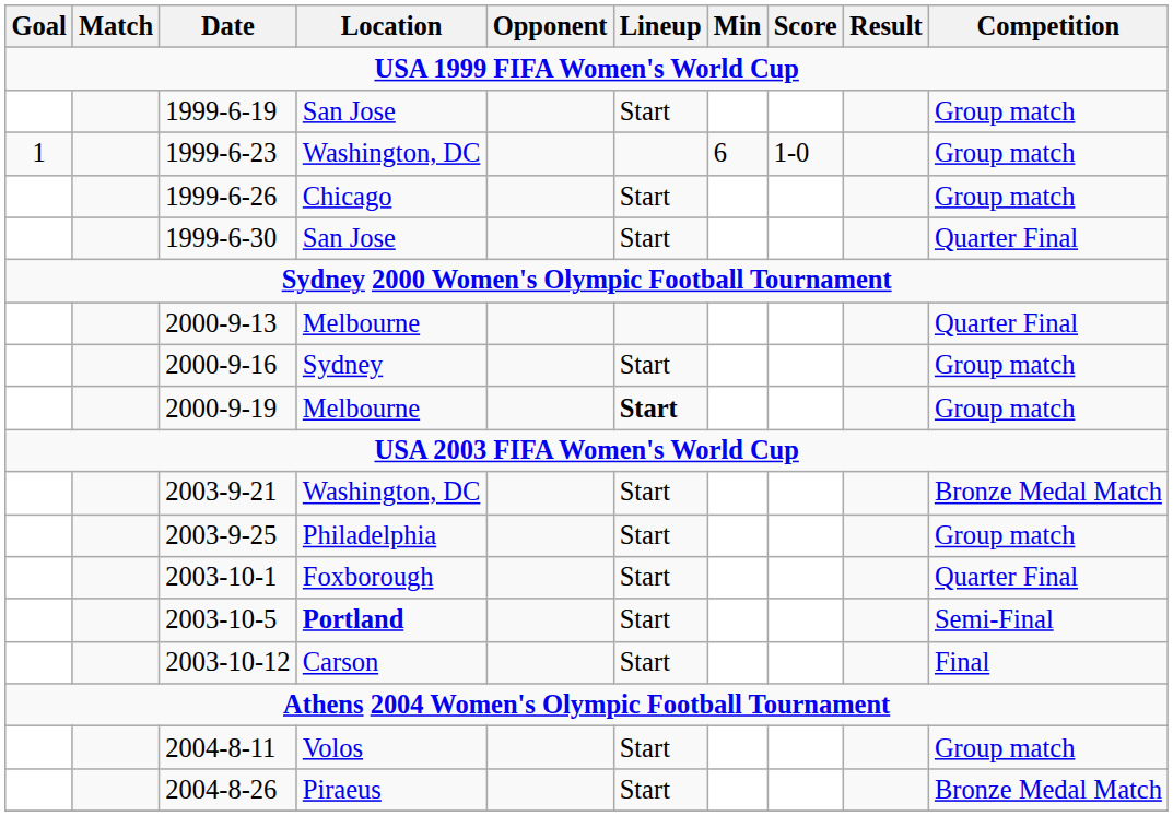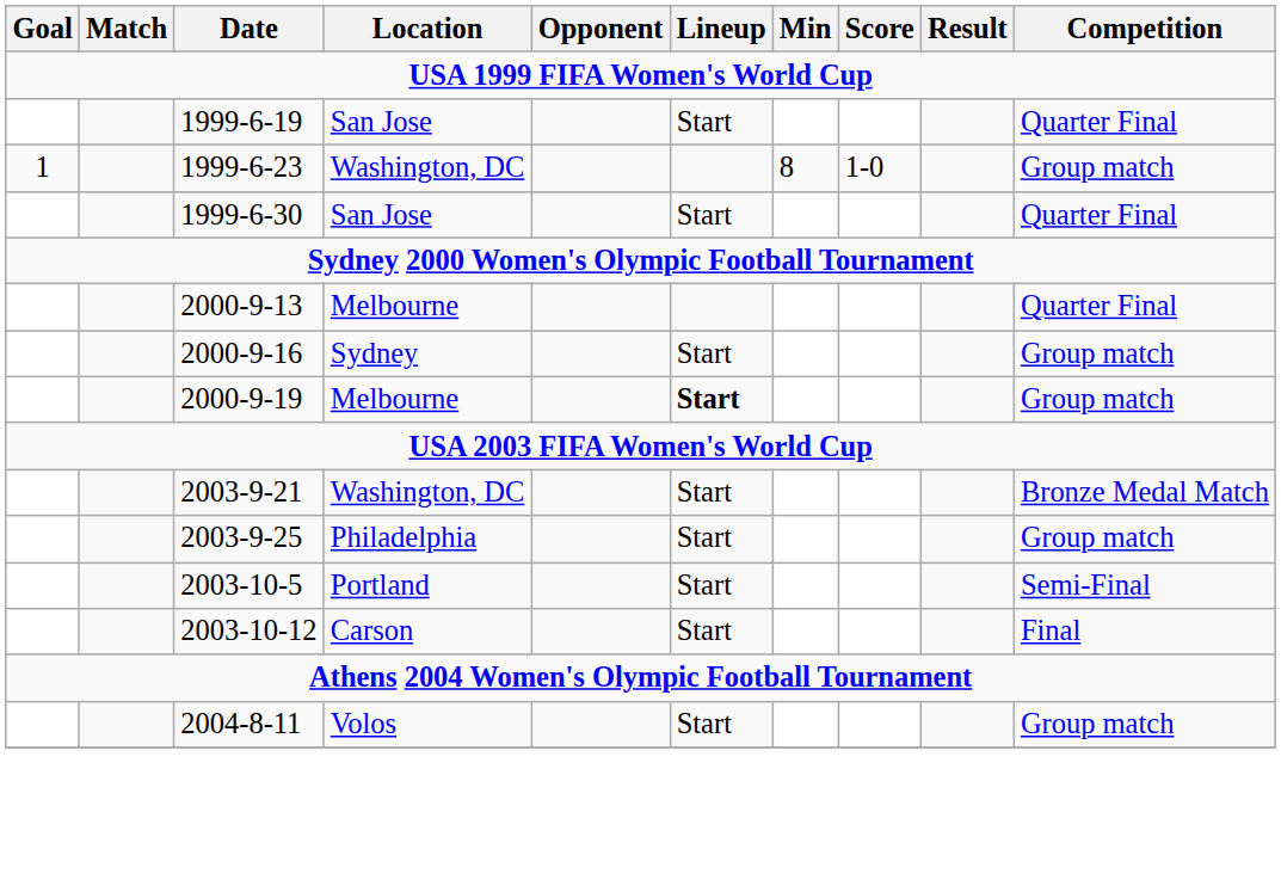 <table class="wikitable collapsible" style="fontsize:90%;">
 <tr>
 <th>Goal</th>
 <th>Match</th>
 <th>Date</th>
 <th>Location</th>
 <th>Opponent</th>
 <th>Lineup</th>
 <th>Min</th>
 <th>Score</th>
 <th>Result</th>
 <th>Competition</th>
 </tr>
 <tr>
 <td colspan=10 align=center > <strong><a href='#'>USA 1999 FIFA Women's World Cup</a></strong></td>
 </tr>
 <tr>
 <td style="background:white;"></td>
 <td></td>
 <td>1999-6-19</td>
 <td><a href='#'>San Jose</a></td>
 <td></td>
 <td>Start</td>
 <td style="background:white;"></td>
 <td style="background:white;"></td>
 <td></td>
-<td><a href='#'>Group match</a></td>
+<td><a href='#'>Quarter Final</a></td>
 </tr>
 <tr>
 <td align=center>1</td>
 <td></td>
 <td>1999-6-23</td>
 <td><a href='#'>Washington, DC</a></td>
 <td></td>
 <td></td>
-<td>6</td>
+<td>8</td>
 <td>1-0</td>
-<td></td>
-<td><a href='#'>Group match</a></td>
-</tr>
-<tr>
-<td style="background:white;"></td>
-<td></td>
-<td>1999-6-26</td>
-<td><a href='#'>Chicago</a></td>
-<td></td>
-<td>Start</td>
-<td style="background:white;"></td>
-<td style="background:white;"></td>
 <td></td>
 <td><a href='#'>Group match</a></td>
 </tr>
 <tr>
 <td style="background:white;"></td>
 <td></td>
 <td>1999-6-30</td>
 <td><a href='#'>San Jose</a></td>
 <td></td>
 <td>Start</td>
 <td style="background:white;"></td>
 <td style="background:white;"></td>
 <td></td>
 <td><a href='#'>Quarter Final</a></td>
 </tr>
 <tr>
 <td colspan=10 align=center ><strong><a href='#'>Sydney</a> <a href='#'>2000 Women's Olympic Football Tournament</a></strong></td>
 </tr>
 <tr>
 <td style="background:white;"></td>
 <td></td>
 <td>2000-9-13</td>
 <td><a href='#'>Melbourne</a></td>
 <td></td>
 <td></td>
 <td style="background:white;"></td>
 <td style="background:white;"></td>
 <td></td>
 <td><a href='#'>Quarter Final</a></td>
 </tr>
 <tr>
 <td style="background:white;"></td>
 <td></td>
 <td>2000-9-16</td>
 <td><a href='#'>Sydney</a></td>
 <td></td>
 <td>Start</td>
 <td style="background:white;"></td>
 <td style="background:white;"></td>
 <td></td>
 <td><a href='#'>Group match</a></td>
 </tr>
 <tr>
 <td style="background:white;"></td>
 <td></td>
 <td>2000-9-19</td>
 <td><a href='#'>Melbourne</a></td>
 <td></td>
 <td><strong>Start</strong></td>
 <td style="background:white;"></td>
 <td style="background:white;"></td>
 <td></td>
 <td><a href='#'>Group match</a></td>
 </tr>
 <tr>
 <td colspan=10 align=center > <strong><a href='#'>USA 2003 FIFA Women's World Cup</a></strong></td>
 </tr>
 <tr>
 <td style="background:white;"></td>
 <td></td>
 <td>2003-9-21</td>
 <td><a href='#'>Washington, DC</a></td>
 <td></td>
 <td>Start</td>
 <td style="background:white;"></td>
 <td style="background:white;"></td>
 <td></td>
 <td><a href='#'>Bronze Medal Match</a></td>
 </tr>
 <tr>
 <td style="background:white;"></td>
 <td></td>
 <td>2003-9-25</td>
 <td><a href='#'>Philadelphia</a></td>
 <td></td>
 <td>Start</td>
 <td style="background:white;"></td>
 <td style="background:white;"></td>
 <td></td>
 <td><a href='#'>Group match</a></td>
 </tr>
 <tr>
 <td style="background:white;"></td>
 <td></td>
-<td>2003-10-1</td>
-<td><a href='#'>Foxborough</a></td>
-<td></td>
-<td>Start</td>
-<td style="background:white;"></td>
-<td style="background:white;"></td>
-<td></td>
-<td><a href='#'>Quarter Final</a></td>
-</tr>
-<tr>
-<td style="background:white;"></td>
-<td></td>
 <td>2003-10-5</td>
-<td><strong><a href='#'>Portland</a></strong></td>
+<td><a href='#'>Portland</a></td>
 <td></td>
 <td>Start</td>
 <td style="background:white;"></td>
 <td style="background:white;"></td>
 <td></td>
 <td><a href='#'>Semi-Final</a></td>
 </tr>
 <tr>
 <td style="background:white;"></td>
 <td></td>
 <td>2003-10-12</td>
 <td><a href='#'>Carson</a></td>
 <td></td>
 <td>Start</td>
 <td style="background:white;"></td>
 <td style="background:white;"></td>
 <td></td>
 <td><a href='#'>Final</a></td>
 </tr>
 <tr>
 <td colspan=10 align=center ><strong><a href='#'>Athens</a> <a href='#'>2004 Women's Olympic Football Tournament</a></strong></td>
 </tr>
 <tr>
 <td style="background:white;"></td>
 <td></td>
 <td>2004-8-11</td>
 <td><a href='#'>Volos</a></td>
 <td></td>
 <td>Start</td>
 <td style="background:white;"></td>
 <td style="background:white;"></td>
 <td></td>
 <td><a href='#'>Group match</a></td>
 </tr>
 <tr>
-<td style="background:white;"></td>
-<td></td>
-<td>2004-8-26</td>
-<td><a href='#'>Piraeus</a></td>
-<td></td>
-<td>Start</td>
-<td style="background:white;"></td>
-<td style="background:white;"></td>
-<td></td>
-<td><a href='#'>Bronze Medal Match</a></td>
-</tr>
-<tr>
 </tr>
 </table>
